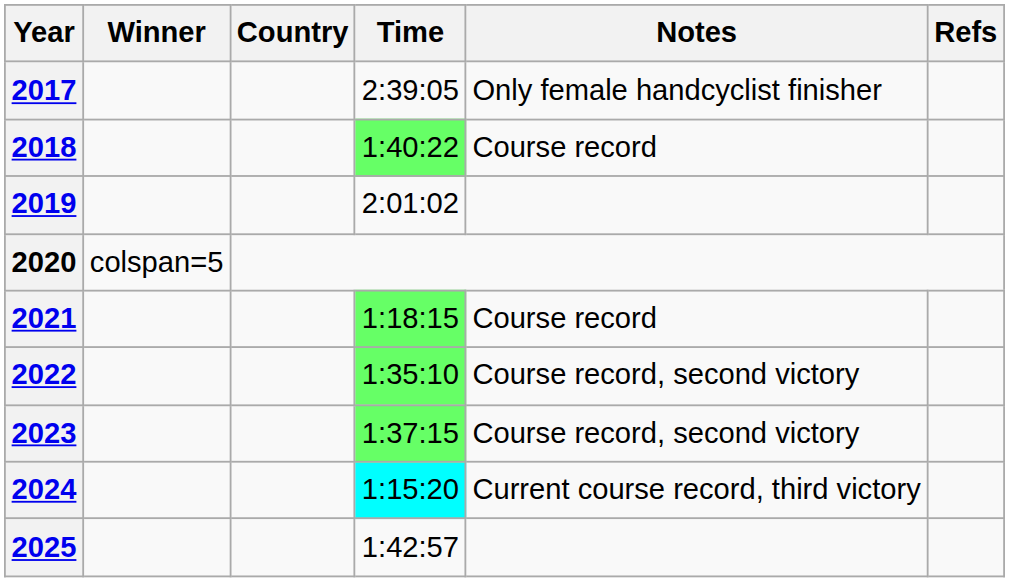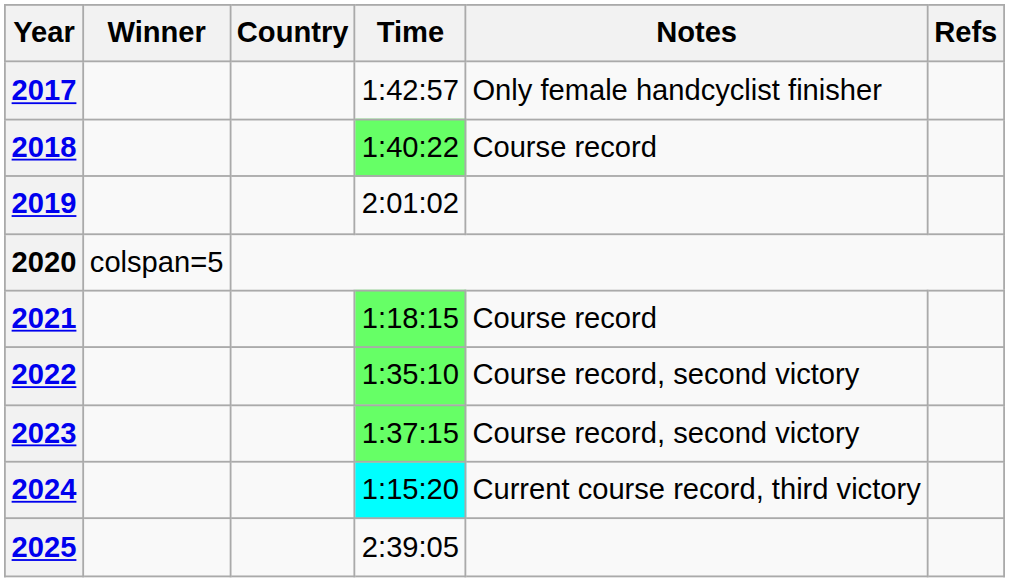 <table class="wikitable sortable" style="font-size:1.00em; line-height:1.5em;">
 <tr>
 <th scope="col">Year</th>
 <th scope="col">Winner</th>
 <th scope="col">Country</th>
 <th scope="col" data-sort-type="time">Time</th>
 <th scope="col" class="unsortable">Notes</th>
 <th scope="col" class="unsortable">Refs</th>
 </tr>
 <tr>
 <th scope="row"><a href='#'>2017</a></th>
 <td></td>
 <td></td>
-<td>2:39:05</td>
+<td>1:42:57</td>
 <td>Only female handcyclist finisher</td>
 <td></td>
 </tr>
 <tr>
 <th scope="row"><a href='#'>2018</a></th>
 <td></td>
 <td></td>
 <td style="background-color:#66ff66">1:40:22</td>
 <td>Course record</td>
 <td></td>
 </tr>
 <tr>
 <th scope="row"><a href='#'>2019</a></th>
 <td></td>
 <td></td>
 <td>2:01:02</td>
 <td></td>
 <td></td>
 </tr>
 <tr>
 <th scope="row">2020</th>
 <td>colspan=5 </td>
 </tr>
 <tr>
 <th scope="row"><a href='#'>2021</a></th>
 <td></td>
 <td></td>
 <td style="background-color:#66ff66">1:18:15</td>
 <td>Course record</td>
 <td></td>
 </tr>
 <tr>
 <th scope="row"><a href='#'>2022</a></th>
 <td></td>
 <td></td>
 <td style="background-color:#66ff66">1:35:10</td>
 <td>Course record, second victory</td>
 <td></td>
 </tr>
 <tr>
 <th scope="row"><a href='#'>2023</a></th>
 <td></td>
 <td></td>
 <td style="background-color:#66ff66">1:37:15</td>
 <td>Course record, second victory</td>
 <td></td>
 </tr>
 <tr>
 <th scope="row"><a href='#'>2024</a></th>
 <td></td>
 <td></td>
 <td style="background-color:#00ffff">1:15:20</td>
 <td>Current course record, third victory</td>
 <td></td>
 </tr>
 <tr>
 <th scope="row"><a href='#'>2025</a></th>
 <td></td>
 <td></td>
-<td>1:42:57</td>
+<td>2:39:05</td>
 <td></td>
 <td></td>
 </tr>
 </table>
